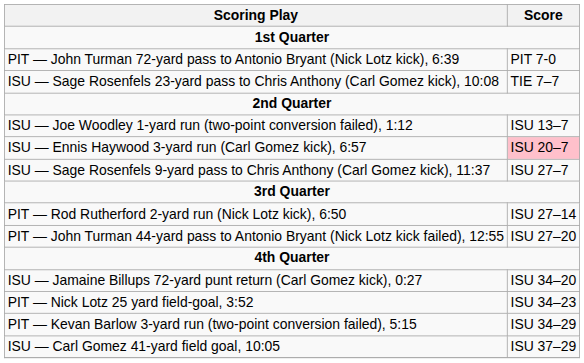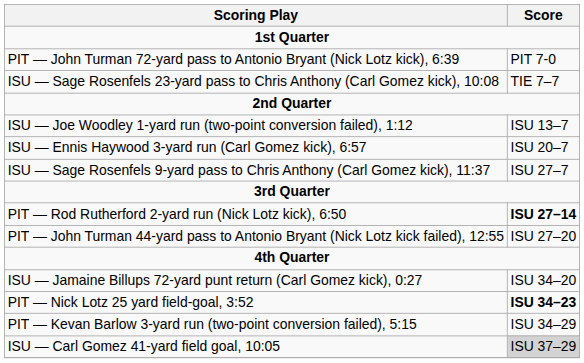 <table class="wikitable">
 <tr>
 <th>Scoring Play</th>
 <th>Score</th>
 </tr>
 <tr>
 <td colspan="4" align="center"><strong>1st Quarter</strong></td>
 </tr>
 <tr>
 <td>PIT — John Turman 72-yard pass to Antonio Bryant (Nick Lotz kick), 6:39</td>
 <td>PIT 7-0</td>
 </tr>
 <tr>
 <td>ISU — Sage Rosenfels 23-yard pass to Chris Anthony (Carl Gomez kick), 10:08</td>
 <td>TIE 7–7</td>
 </tr>
 <tr>
 <td colspan="4" align="center"><strong>2nd Quarter</strong></td>
 </tr>
 <tr>
 <td>ISU — Joe Woodley 1-yard run (two-point conversion failed), 1:12</td>
 <td>ISU 13–7</td>
 </tr>
 <tr>
 <td>ISU — Ennis Haywood 3-yard run (Carl Gomez kick), 6:57</td>
-<td style="background: pink;">ISU 20–7</td>
+<td>ISU 20–7</td>
 </tr>
 <tr>
 <td>ISU — Sage Rosenfels 9-yard pass to Chris Anthony (Carl Gomez kick), 11:37</td>
 <td>ISU 27–7</td>
 </tr>
 <tr>
 <td colspan="4" align="center"><strong>3rd Quarter</strong></td>
 </tr>
 <tr>
 <td>PIT — Rod Rutherford 2-yard run (Nick Lotz kick), 6:50</td>
-<td>ISU 27–14</td>
+<td><strong>ISU 27–14</strong></td>
 </tr>
 <tr>
 <td>PIT — John Turman 44-yard pass to Antonio Bryant (Nick Lotz kick failed), 12:55</td>
 <td>ISU 27–20</td>
 </tr>
 <tr>
 <td colspan="4" align="center"><strong>4th Quarter</strong></td>
 </tr>
 <tr>
 <td>ISU — Jamaine Billups 72-yard punt return (Carl Gomez kick), 0:27</td>
 <td>ISU 34–20</td>
 </tr>
 <tr>
 <td>PIT — Nick Lotz 25 yard field-goal, 3:52</td>
-<td>ISU 34–23</td>
+<td><strong>ISU 34–23</strong></td>
 </tr>
 <tr>
 <td>PIT — Kevan Barlow 3-yard run (two-point conversion failed), 5:15</td>
 <td>ISU 34–29</td>
 </tr>
 <tr>
 <td>ISU — Carl Gomez 41-yard field goal, 10:05</td>
-<td>ISU 37–29</td>
+<td style="background: lightgrey;">ISU 37–29</td>
 </tr>
 <tr>
 </tr>
 </table>
